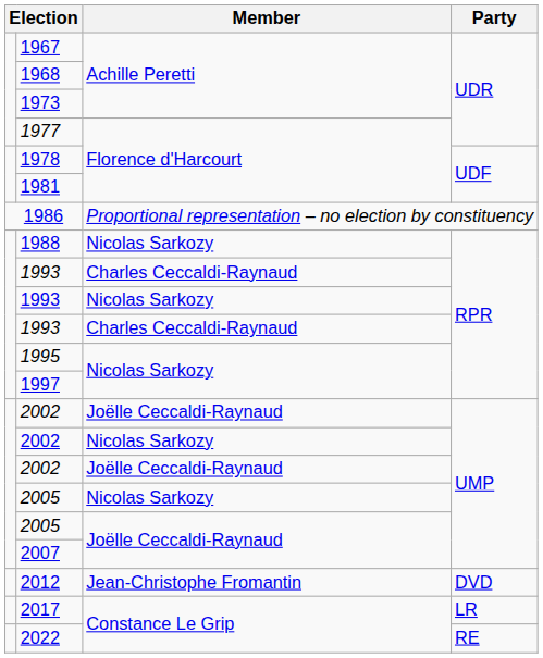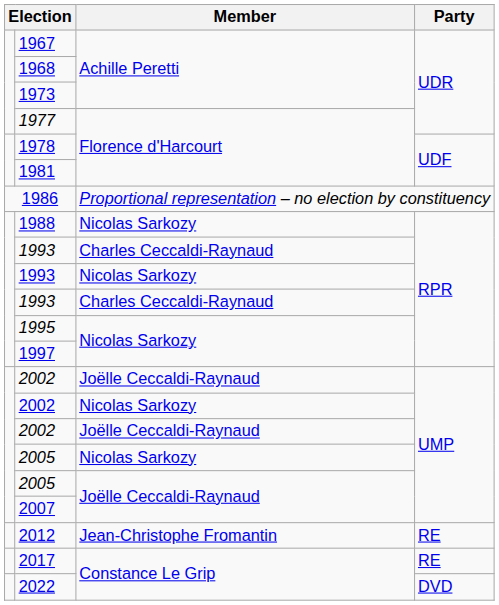 <table class="wikitable">
 <tr>
 <th colspan="2">Election</th>
 <th>Member</th>
 <th>Party</th>
 </tr>
 <tr>
 <td rowspan="4" style="color:inherit;background-color: "></td>
 <td><a href='#'>1967</a></td>
 <td rowspan="3"><a href='#'>Achille Peretti</a></td>
 <td rowspan="4"><a href='#'>UDR</a></td>
 </tr>
 <tr>
 <td><a href='#'>1968</a></td>
 </tr>
 <tr>
 <td><a href='#'>1973</a></td>
 </tr>
 <tr>
 <td><em>1977</em></td>
 <td rowspan="3"><a href='#'>Florence d'Harcourt</a></td>
 </tr>
 <tr>
 <td rowspan="2" style="color:inherit;background-color: "></td>
 <td><a href='#'>1978</a></td>
 <td rowspan="2"><a href='#'>UDF</a></td>
 </tr>
 <tr>
 <td><a href='#'>1981</a></td>
 </tr>
 <tr>
 <td colspan="2" align="center"><a href='#'>1986</a></td>
 <td colspan="2"><em><a href='#'>Proportional representation</a> – no election by constituency</em></td>
 </tr>
 <tr>
 <td rowspan="6" style="color:inherit;background-color: "></td>
 <td><a href='#'>1988</a></td>
 <td><a href='#'>Nicolas Sarkozy</a></td>
 <td rowspan="6"><a href='#'>RPR</a></td>
 </tr>
 <tr>
 <td><em>1993</em></td>
 <td><a href='#'>Charles Ceccaldi-Raynaud</a></td>
 </tr>
 <tr>
 <td><a href='#'>1993</a></td>
 <td><a href='#'>Nicolas Sarkozy</a></td>
 </tr>
 <tr>
 <td><em>1993</em></td>
 <td><a href='#'>Charles Ceccaldi-Raynaud</a></td>
 </tr>
 <tr>
 <td><em>1995</em></td>
 <td rowspan="2"><a href='#'>Nicolas Sarkozy</a></td>
 </tr>
 <tr>
 <td><a href='#'>1997</a></td>
 </tr>
 <tr>
 <td rowspan="6" style="color:inherit;background-color: "></td>
 <td><em>2002</em></td>
 <td><a href='#'>Joëlle Ceccaldi-Raynaud</a></td>
 <td rowspan="6"><a href='#'>UMP</a></td>
 </tr>
 <tr>
 <td><a href='#'>2002</a></td>
 <td><a href='#'>Nicolas Sarkozy</a></td>
 </tr>
 <tr>
 <td><em>2002</em></td>
 <td><a href='#'>Joëlle Ceccaldi-Raynaud</a></td>
 </tr>
 <tr>
 <td><em>2005</em></td>
 <td><a href='#'>Nicolas Sarkozy</a></td>
 </tr>
 <tr>
 <td><em>2005</em></td>
 <td rowspan="2"><a href='#'>Joëlle Ceccaldi-Raynaud</a></td>
 </tr>
 <tr>
 <td><a href='#'>2007</a></td>
 </tr>
 <tr>
 <td style="color:inherit;background-color: "></td>
 <td><a href='#'>2012</a></td>
 <td><a href='#'>Jean-Christophe Fromantin</a></td>
-<td><a href='#'>DVD</a></td>
+<td><a href='#'>RE</a></td>
 </tr>
 <tr>
 <td style="color:inherit;background-color: "></td>
 <td><a href='#'>2017</a></td>
 <td rowspan="2"><a href='#'>Constance Le Grip</a></td>
-<td><a href='#'>LR</a></td>
+<td><a href='#'>RE</a></td>
 </tr>
 <tr>
 <td style="color:inherit;background-color: "></td>
 <td><a href='#'>2022</a></td>
-<td><a href='#'>RE</a></td>
+<td><a href='#'>DVD</a></td>
 </tr>
 </table>
